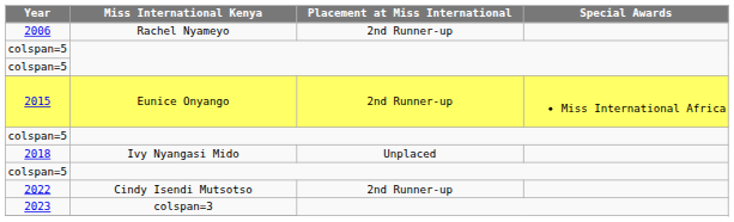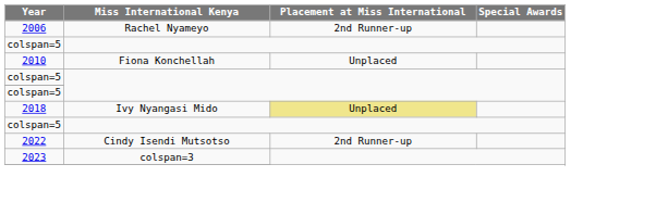 <table class="wikitable sortable" style="font-size: 95%; text-align:center">
 <tr>
 <th width="60" style="background-color:#787878;color:#FFFFFF;">Year</th>
 <th width="250" style="background-color:#787878;color:#FFFFFF;">Miss International Kenya</th>
 <th width="250" style="background-color:#787878;color:#FFFFFF;">Placement at Miss International</th>
 <th style="background-color:#787878;color:#FFFFFF;">Special Awards</th>
 </tr>
 <tr>
 <td><a href='#'>2006</a></td>
 <td>Rachel Nyameyo</td>
 <td>2nd Runner-up</td>
 <td></td>
 </tr>
 <tr>
 <td>colspan=5 </td>
 </tr>
 <tr>
+<td><a href='#'>2010</a></td>
+<td>Fiona Konchellah</td>
+<td>Unplaced</td>
+<td></td>
+</tr>
+<tr>
 <td>colspan=5 </td>
 </tr>
 <tr>
-</tr>
-<tr style="background-color:#FFFF66;">
-<td><a href='#'>2015</a></td>
-<td>Eunice Onyango</td>
-<td>2nd Runner-up</td>
-<td><br><ul><li>Miss International Africa</li></ul></td>
 </tr>
 <tr>
 <td>colspan=5 </td>
 </tr>
 <tr>
 <td><a href='#'>2018</a></td>
 <td>Ivy Nyangasi Mido</td>
-<td>Unplaced</td>
+<td style="background: khaki;">Unplaced</td>
 <td></td>
 </tr>
 <tr>
 <td>colspan=5 </td>
 </tr>
 <tr>
 <td><a href='#'>2022</a></td>
 <td>Cindy Isendi Mutsotso</td>
 <td>2nd Runner-up</td>
 <td></td>
 </tr>
 <tr>
 <td><a href='#'>2023</a></td>
 <td>colspan=3 </td>
 </tr>
 <tr>
 </tr>
 </table>
